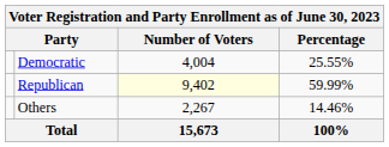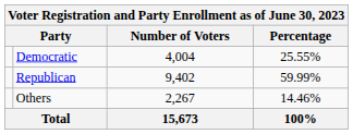 <table class=wikitable>
 <tr>
 <th colspan = 6>Voter Registration and Party Enrollment as of June 30, 2023</th>
 </tr>
 <tr>
 <th colspan = 2>Party</th>
 <th>Number of Voters</th>
 <th>Percentage</th>
 </tr>
 <tr>
 <td></td>
 <td><a href='#'>Democratic</a></td>
 <td align = center>4,004</td>
 <td align = center>25.55%</td>
 </tr>
 <tr>
 <td></td>
 <td><a href='#'>Republican</a></td>
-<td align = center style="background: lightyellow;">9,402</td>
+<td align = center>9,402</td>
 <td align = center>59.99%</td>
 </tr>
 <tr>
 <td></td>
 <td>Others</td>
 <td align = center>2,267</td>
 <td align = center>14.46%</td>
 </tr>
 <tr>
 <th colspan = 2>Total</th>
 <th align = center>15,673</th>
 <th align = center>100%</th>
 </tr>
 </table>
